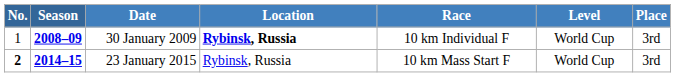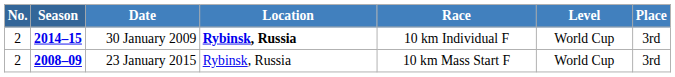 <table class="wikitable sortable" style="font-size:95%; text-align:center; border:grey solid 1px; border-collapse:collapse; background:#ffffff;">
 <tr style="background:#efefef;">
 <th style="background-color:#369; color:white;">No.</th>
 <th style="background-color:#369; color:white;">Season</th>
 <th style="background-color:#4180be; color:white; width:120px;">Date</th>
 <th style="background-color:#4180be; color:white; width:190px;">Location</th>
 <th style="background-color:#4180be; color:white; width:170px;">Race</th>
 <th style="background-color:#4180be; color:white; width:100px;">Level</th>
 <th style="background-color:#4180be; color:white;">Place</th>
 </tr>
 <tr>
-<td align=center>1</td>
-<td rowspan=1 align=center><strong><a href='#'>2008–09</a></strong></td>
+<td align=center>2</td>
+<td rowspan=1 align=center><strong><a href='#'>2014–15</a></strong></td>
 <td align=right>30 January 2009</td>
 <td align=left><strong> <a href='#'>Rybinsk</a>, Russia</strong></td>
 <td>10 km Individual F</td>
 <td>World Cup</td>
 <td>3rd</td>
 </tr>
 <tr>
-<td align=center><strong>2</strong></td>
-<td rowspan=1 align=center><strong><a href='#'>2014–15</a></strong></td>
+<td align=center>2</td>
+<td rowspan=1 align=center><strong><a href='#'>2008–09</a></strong></td>
 <td align=right>23 January 2015</td>
 <td align=left> <a href='#'>Rybinsk</a>, Russia</td>
 <td>10 km Mass Start F</td>
 <td>World Cup</td>
 <td>3rd</td>
 </tr>
 </table>
